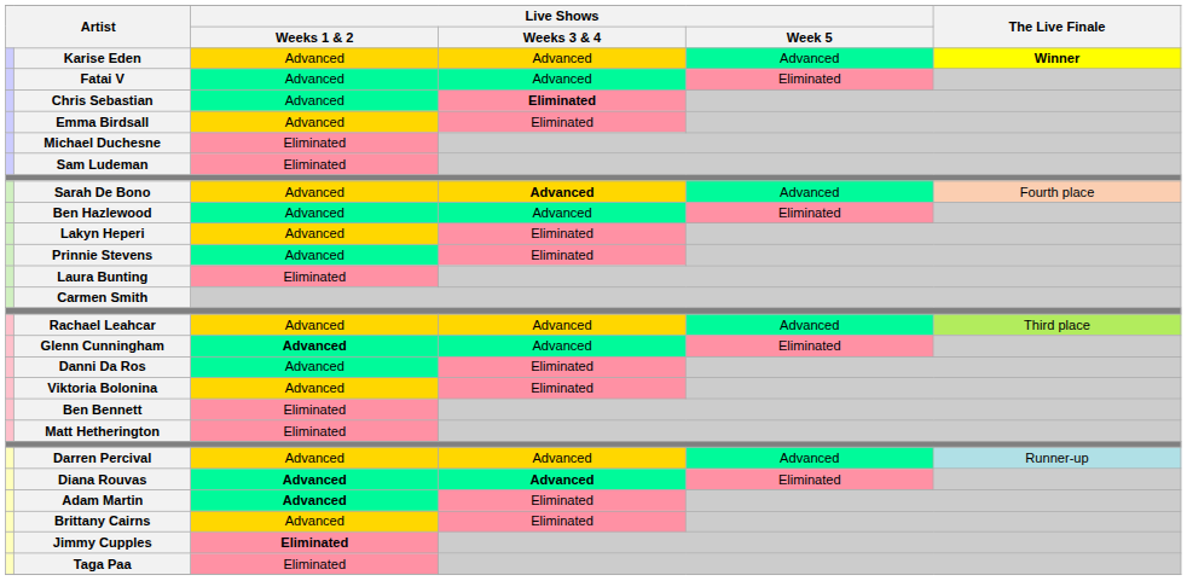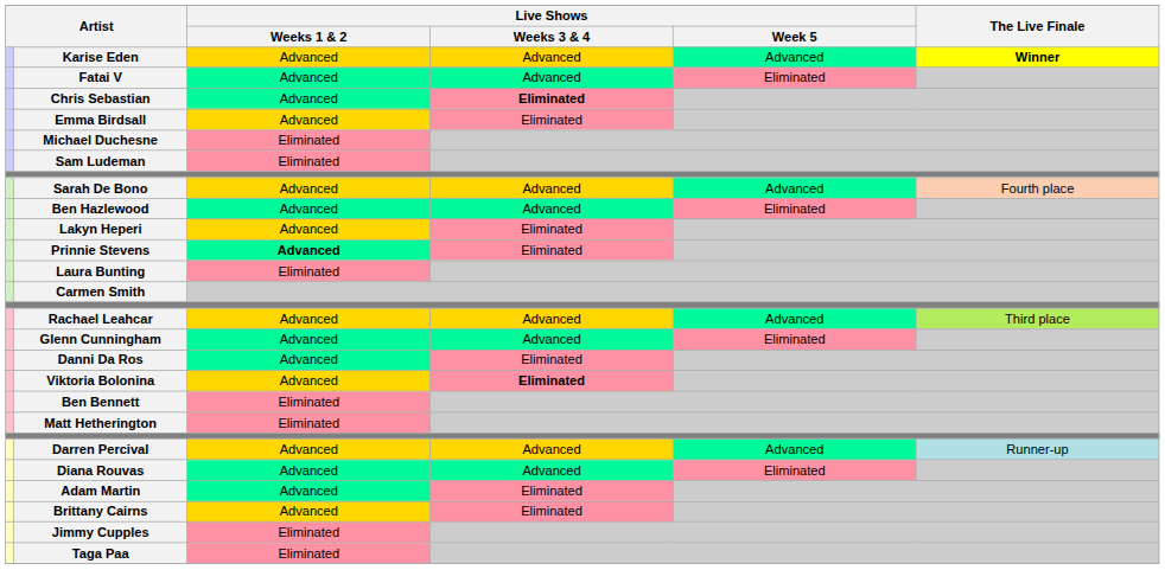 <table class="wikitable"  style="font-size:90%; text-align:center; width:100%;">
 <tr>
 </tr>
 <tr>
 <th rowspan="2" colspan="2" width="15%">Artist</th>
 <th colspan="3" width="60%">Live Shows</th>
 <th rowspan="2" width="20%">The Live Finale</th>
 </tr>
 <tr>
 <th width="20%">Weeks 1 & 2</th>
 <th width="20%">Weeks 3 & 4</th>
 <th width="20%">Week 5</th>
 </tr>
 <tr>
 <td style="background:#ccf;"></td>
 <th>Karise Eden</th>
 <td style="background:gold;">Advanced </td>
 <td style="background:gold;">Advanced </td>
 <td style="background:#00FA9A;">Advanced </td>
 <td style="background:yellow;"><strong>Winner</strong> </td>
 </tr>
 <tr>
 <td style="background:#ccf;"></td>
 <th>Fatai V</th>
 <td style="background:#00FA9A;">Advanced </td>
 <td style="background:#00FA9A;">Advanced </td>
 <td style="background:#FF91A4;">Eliminated</td>
 <td colspan="1" style="background:#ccc;"></td>
 </tr>
 <tr>
 <td style="background:#ccf;"></td>
 <th>Chris Sebastian</th>
 <td style="background:#00FA9A;">Advanced</td>
 <td style="background:#FF91A4;"><strong>Eliminated</strong></td>
 <td colspan="3" style="background:#ccc;"></td>
 </tr>
 <tr>
 <td style="background:#ccf;"></td>
 <th>Emma Birdsall</th>
 <td style="background:gold;">Advanced </td>
 <td style="background:#FF91A4;">Eliminated</td>
 <td colspan="3" style="background:#ccc;"></td>
 </tr>
 <tr>
 <td style="background:#ccf;"></td>
 <th>Michael Duchesne</th>
 <td style="background:#FF91A4;">Eliminated</td>
 <td colspan="5" style="background:#ccc;"></td>
 </tr>
 <tr>
 <td style="background:#ccf;"></td>
 <th>Sam Ludeman</th>
 <td style="background:#FF91A4;">Eliminated</td>
 <td colspan="5" style="background:#ccc;"></td>
 </tr>
 <tr>
 <th colspan="8" style="background:grey;"></th>
 </tr>
 <tr>
 <td style="background:#d0f0c0;"></td>
 <th>Sarah De Bono</th>
 <td style="background:gold;">Advanced </td>
-<td style="background:gold;"><strong>Advanced </strong></td>
+<td style="background:gold;">Advanced </td>
 <td style="background:#00FA9A;">Advanced </td>
 <td style="background:#FBCEB1;">Fourth place </td>
 </tr>
 <tr>
 <td style="background:#d0f0c0;"></td>
 <th>Ben Hazlewood</th>
 <td style="background:#00FA9A;">Advanced </td>
 <td style="background:#00FA9A;">Advanced </td>
 <td style="background:#FF91A4;">Eliminated</td>
 <td colspan="1" style="background:#ccc;"></td>
 </tr>
 <tr>
 <td style="background:#d0f0c0;"></td>
 <th>Lakyn Heperi</th>
 <td style="background:gold;">Advanced </td>
 <td style="background:#FF91A4;">Eliminated </td>
 <td colspan="2" style="background:#ccc;"></td>
 </tr>
 <tr>
 <td style="background:#d0f0c0;"></td>
 <th>Prinnie Stevens</th>
-<td style="background:#00FA9A;">Advanced</td>
+<td style="background:#00FA9A;"><strong>Advanced</strong></td>
 <td style="background:#FF91A4;">Eliminated</td>
 <td colspan="2" style="background:#ccc;"></td>
 </tr>
 <tr>
 <td style="background:#d0f0c0;"></td>
 <th>Laura Bunting</th>
 <td style="background:#FF91A4;">Eliminated</td>
 <td colspan="4" style="background:#ccc;"></td>
 </tr>
 <tr>
 <td style="background:#d0f0c0;"></td>
 <th>Carmen Smith</th>
 <td colspan="4" style="background:#ccc;"></td>
 </tr>
 <tr>
 <th colspan="8" style="background:grey;"></th>
 </tr>
 <tr>
 <td style="background:pink;"></td>
 <th>Rachael Leahcar</th>
 <td style="background:gold;">Advanced </td>
 <td style="background:gold;">Advanced </td>
 <td style="background:#00FA9A;">Advanced </td>
 <td style="background:#B2EC5D;">Third place </td>
 </tr>
 <tr>
 <td style="background:pink;"></td>
 <th>Glenn Cunningham</th>
-<td style="background:#00FA9A;"><strong>Advanced</strong></td>
+<td style="background:#00FA9A;">Advanced</td>
 <td style="background:#00FA9A;">Advanced</td>
 <td style="background:#FF91A4;">Eliminated</td>
 <td colspan="1" style="background:#ccc;"></td>
 </tr>
 <tr>
 <td style="background:pink;"></td>
 <th>Danni Da Ros</th>
 <td style="background:#00FA9A;">Advanced</td>
 <td style="background:#FF91A4;">Eliminated</td>
 <td colspan="3" style="background:#ccc;"></td>
 </tr>
 <tr>
 <td style="background:pink;"></td>
 <th>Viktoria Bolonina</th>
 <td style="background:gold;">Advanced </td>
-<td style="background:#FF91A4;">Eliminated</td>
+<td style="background:#FF91A4;"><strong>Eliminated</strong></td>
 <td colspan="3" style="background:#ccc;"></td>
 </tr>
 <tr>
 <td style="background:pink;"></td>
 <th>Ben Bennett</th>
 <td style="background:#FF91A4;">Eliminated</td>
 <td colspan="5" style="background:#ccc;"></td>
 </tr>
 <tr>
 <td style="background:pink;"></td>
 <th>Matt Hetherington</th>
 <td style="background:#FF91A4;">Eliminated</td>
 <td colspan="5" style="background:#ccc;"></td>
 </tr>
 <tr>
 <th colspan="8" style="background:grey;"></th>
 </tr>
 <tr>
 <td style="background:#ffffbc;"></td>
 <th>Darren Percival</th>
 <td style="background:gold;">Advanced </td>
 <td style="background:gold;">Advanced </td>
 <td style="background:#00FA9A;">Advanced </td>
 <td style="background:#B0E0E6;">Runner-up </td>
 </tr>
 <tr>
 <td style="background:#ffffbc;"></td>
 <th>Diana Rouvas</th>
-<td style="background:#00FA9A;"><strong>Advanced </strong></td>
-<td style="background:#00FA9A;"><strong>Advanced </strong></td>
+<td style="background:#00FA9A;">Advanced </td>
+<td style="background:#00FA9A;">Advanced </td>
 <td style="background:#FF91A4;">Eliminated</td>
 <td colspan="1" style="background:#ccc;"></td>
 </tr>
 <tr>
 <td style="background:#ffffbc;"></td>
 <th>Adam Martin</th>
-<td style="background:#00FA9A;"><strong>Advanced</strong></td>
+<td style="background:#00FA9A;">Advanced</td>
 <td style="background:#FF91A4;">Eliminated </td>
 <td colspan="2" style="background:#ccc;"></td>
 </tr>
 <tr>
 <td style="background:#ffffbc;"></td>
 <th>Brittany Cairns</th>
 <td style="background:gold;">Advanced </td>
 <td style="background:#FF91A4;">Eliminated</td>
 <td colspan="2" style="background:#ccc;"></td>
 </tr>
 <tr>
 <td style="background:#ffffbc;"></td>
 <th>Jimmy Cupples</th>
-<td style="background:#FF91A4;"><strong>Eliminated</strong></td>
+<td style="background:#FF91A4;">Eliminated</td>
 <td colspan="4" style="background:#ccc;"></td>
 </tr>
 <tr>
 <td style="background:#ffffbc;"></td>
 <th>Taga Paa</th>
 <td style="background:#FF91A4;">Eliminated</td>
 <td colspan="4" style="background:#ccc;"></td>
 </tr>
 <tr>
 </tr>
 </table>
